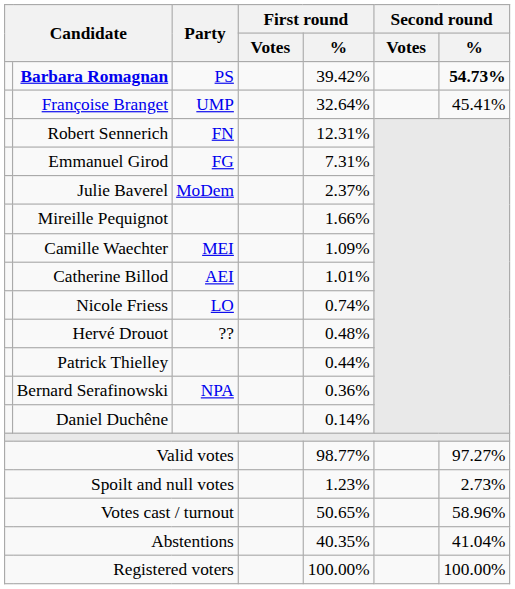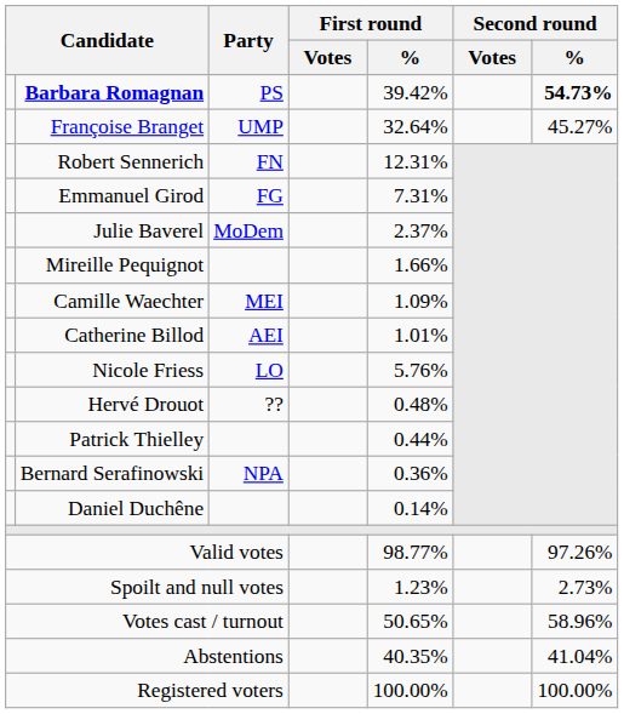 <table class="wikitable" style="text-align:right;font-size:95%;">
 <tr>
 <th rowspan=2 colspan=2>Candidate</th>
 <th rowspan=2 colspan=1>Party</th>
 <th colspan=2>First round</th>
 <th colspan=2>Second round</th>
 </tr>
 <tr>
 <th style="width:50px;">Votes</th>
 <th style="width:55px;">%</th>
 <th style="width:50px;">Votes</th>
 <th style="width:55px;">%</th>
 </tr>
 <tr>
 <td style="color:inherit;background-color:"></td>
 <td><strong><a href='#'>Barbara Romagnan</a></strong></td>
 <td><a href='#'>PS</a></td>
 <td></td>
 <td>39.42%</td>
 <td><strong></strong></td>
 <td><strong>54.73%</strong></td>
 </tr>
 <tr>
 <td style="color:inherit;background-color:"></td>
 <td><a href='#'>Françoise Branget</a></td>
 <td><a href='#'>UMP</a></td>
 <td></td>
 <td>32.64%</td>
 <td></td>
-<td>45.41%</td>
+<td>45.27%</td>
 </tr>
 <tr>
 <td style="color:inherit;background-color:"></td>
 <td>Robert Sennerich</td>
 <td><a href='#'>FN</a></td>
 <td></td>
 <td>12.31%</td>
 <td colspan=7 rowspan=11 style="background-color:#E9E9E9;"></td>
 </tr>
 <tr>
 <td style="color:inherit;background-color:"></td>
 <td>Emmanuel Girod</td>
 <td><a href='#'>FG</a></td>
 <td></td>
 <td>7.31%</td>
 </tr>
 <tr>
 <td style="color:inherit;background-color:"></td>
 <td>Julie Baverel</td>
 <td><a href='#'>MoDem</a></td>
 <td></td>
 <td>2.37%</td>
 </tr>
 <tr>
 <td style="background-color:;"></td>
 <td>Mireille Pequignot</td>
 <td></td>
 <td></td>
 <td>1.66%</td>
 </tr>
 <tr>
 <td style="color:inherit;background-color:"></td>
 <td>Camille Waechter</td>
 <td><a href='#'>MEI</a></td>
 <td></td>
 <td>1.09%</td>
 </tr>
 <tr>
 <td style="color:inherit;background-color:"></td>
 <td>Catherine Billod</td>
 <td><a href='#'>AEI</a></td>
 <td></td>
 <td>1.01%</td>
 </tr>
 <tr>
 <td style="color:inherit;background-color:"></td>
 <td>Nicole Friess</td>
 <td><a href='#'>LO</a></td>
 <td></td>
-<td>0.74%</td>
+<td>5.76%</td>
 </tr>
 <tr>
 <td style="background-color:;"></td>
 <td>Hervé Drouot</td>
 <td>??</td>
 <td></td>
 <td>0.48%</td>
 </tr>
 <tr>
 <td style="background-color:;"></td>
 <td>Patrick Thielley</td>
 <td></td>
 <td></td>
 <td>0.44%</td>
 </tr>
 <tr>
 <td style="color:inherit;background-color:"></td>
 <td>Bernard Serafinowski</td>
 <td><a href='#'>NPA</a></td>
 <td></td>
 <td>0.36%</td>
 </tr>
 <tr>
 <td style="background-color:;"></td>
 <td>Daniel Duchêne</td>
 <td></td>
 <td></td>
 <td>0.14%</td>
 </tr>
 <tr>
 <td colspan=7 style="background-color:#E9E9E9;"></td>
 </tr>
 <tr>
 <td colspan=3>Valid votes</td>
 <td></td>
 <td>98.77%</td>
 <td></td>
-<td>97.27%</td>
+<td>97.26%</td>
 </tr>
 <tr>
 <td colspan=3>Spoilt and null votes</td>
 <td></td>
 <td>1.23%</td>
 <td></td>
 <td>2.73%</td>
 </tr>
 <tr>
 <td colspan=3>Votes cast / turnout</td>
 <td></td>
 <td>50.65%</td>
 <td></td>
 <td>58.96%</td>
 </tr>
 <tr>
 <td colspan=3>Abstentions</td>
 <td></td>
 <td>40.35%</td>
 <td></td>
 <td>41.04%</td>
 </tr>
 <tr>
 <td colspan=3>Registered voters</td>
 <td></td>
 <td>100.00%</td>
 <td></td>
 <td>100.00%</td>
 </tr>
 </table>
